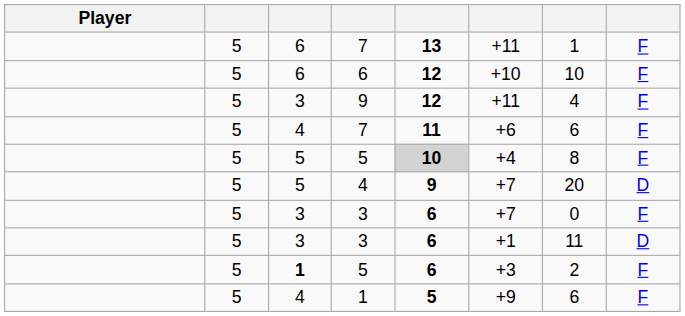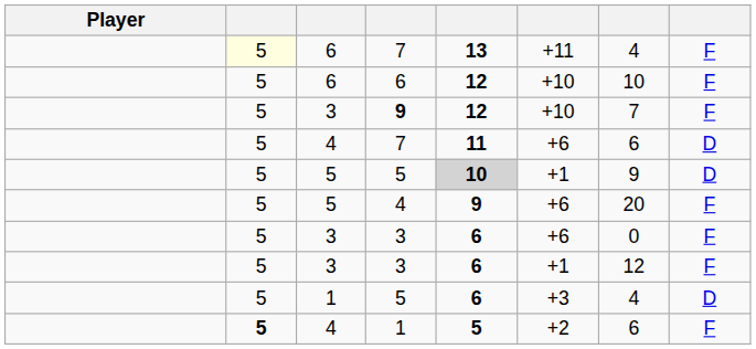 <table class="wikitable sortable" style="text-align:center;">
 <tr>
 <th width="175px">Player</th>
 <th width="50px"></th>
 <th width="50px"></th>
 <th width="50px"></th>
 <th width="60px"></th>
 <th width="60px"></th>
 <th width="50px"></th>
 <th width="60px"></th>
 </tr>
 <tr>
 <td align="left"> </td>
-<td>5</td>
+<td style="background: lightyellow;">5</td>
 <td>6</td>
 <td>7</td>
 <td><strong>13</strong></td>
 <td>+11</td>
-<td>1</td>
+<td>4</td>
 <td><a href='#'>F</a></td>
 </tr>
 <tr>
 <td align="left"> </td>
 <td>5</td>
 <td>6</td>
 <td>6</td>
 <td><strong>12</strong></td>
 <td>+10</td>
 <td>10</td>
 <td><a href='#'>F</a></td>
 </tr>
 <tr>
 <td align="left"> </td>
 <td>5</td>
 <td>3</td>
-<td>9</td>
+<td><strong>9</strong></td>
 <td><strong>12</strong></td>
-<td>+11</td>
-<td>4</td>
+<td>+10</td>
+<td>7</td>
 <td><a href='#'>F</a></td>
 </tr>
 <tr>
 <td align="left"> </td>
 <td>5</td>
 <td>4</td>
 <td>7</td>
 <td><strong>11</strong></td>
 <td>+6</td>
 <td>6</td>
-<td><a href='#'>F</a></td>
+<td><a href='#'>D</a></td>
 </tr>
 <tr>
 <td align="left"> </td>
 <td>5</td>
 <td>5</td>
 <td>5</td>
 <td style="background: lightgrey;"><strong>10</strong></td>
-<td>+4</td>
-<td>8</td>
-<td><a href='#'>F</a></td>
+<td>+1</td>
+<td>9</td>
+<td><a href='#'>D</a></td>
 </tr>
 <tr>
 <td align="left"> </td>
 <td>5</td>
 <td>5</td>
 <td>4</td>
 <td><strong>9</strong></td>
-<td>+7</td>
+<td>+6</td>
 <td>20</td>
-<td><a href='#'>D</a></td>
+<td><a href='#'>F</a></td>
 </tr>
 <tr>
 <td align="left"> </td>
 <td>5</td>
 <td>3</td>
 <td>3</td>
 <td><strong>6</strong></td>
-<td>+7</td>
+<td>+6</td>
 <td>0</td>
 <td><a href='#'>F</a></td>
 </tr>
 <tr>
 <td align="left"> </td>
 <td>5</td>
 <td>3</td>
 <td>3</td>
 <td><strong>6</strong></td>
 <td>+1</td>
-<td>11</td>
-<td><a href='#'>D</a></td>
-</tr>
-<tr>
-<td align="left"> </td>
-<td>5</td>
-<td><strong>1</strong></td>
-<td>5</td>
-<td><strong>6</strong></td>
-<td>+3</td>
-<td>2</td>
+<td>12</td>
 <td><a href='#'>F</a></td>
 </tr>
 <tr>
 <td align="left"> </td>
 <td>5</td>
+<td>1</td>
+<td>5</td>
+<td><strong>6</strong></td>
+<td>+3</td>
+<td>4</td>
+<td><a href='#'>D</a></td>
+</tr>
+<tr>
+<td align="left"> </td>
+<td><strong>5</strong></td>
 <td>4</td>
 <td>1</td>
 <td><strong>5</strong></td>
-<td>+9</td>
+<td>+2</td>
 <td>6</td>
 <td><a href='#'>F</a></td>
 </tr>
 </table>
